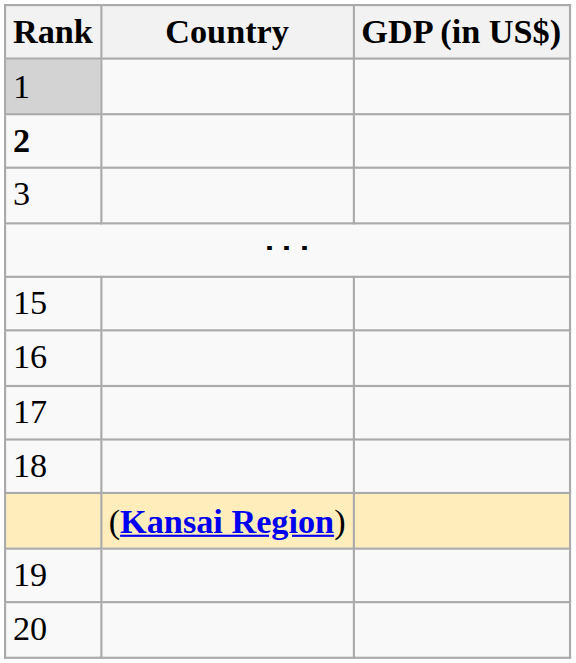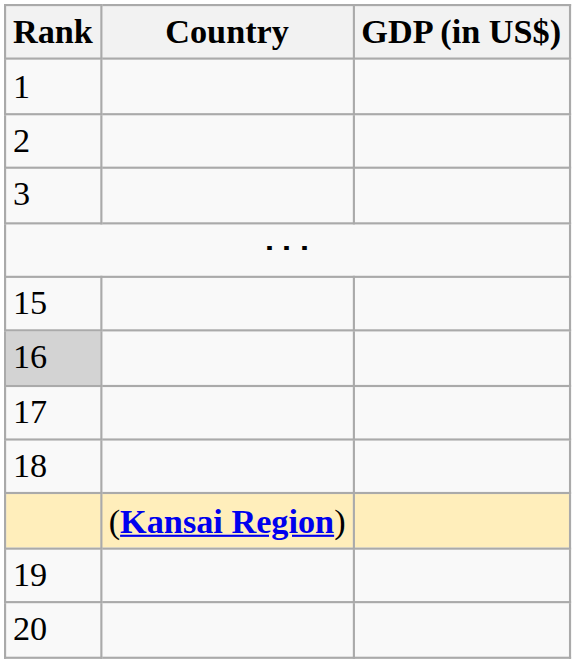 <table class="wikitable" border="1" 2>
 <tr>
 <th>Rank</th>
 <th>Country</th>
 <th>GDP (in US$)</th>
 </tr>
 <tr>
-<td style="background: lightgrey;">1</td>
+<td>1</td>
 <td></td>
 <td></td>
 </tr>
 <tr>
-<td><strong>2</strong></td>
+<td>2</td>
 <td></td>
 <td></td>
 </tr>
 <tr>
 <td>3</td>
 <td></td>
 <td></td>
 </tr>
 <tr>
 <td colspan="4" style="text-align:center;">･･･</td>
 </tr>
 <tr>
 <td>15</td>
 <td></td>
 <td></td>
 </tr>
 <tr>
-<td>16</td>
+<td style="background: lightgrey;">16</td>
 <td></td>
 <td></td>
 </tr>
 <tr>
 <td>17</td>
 <td></td>
 <td></td>
 </tr>
 <tr>
 <td>18</td>
 <td></td>
 <td></td>
 </tr>
 <tr bgcolor="#ffeebb">
 <td></td>
 <td>(<strong><a href='#'>Kansai Region</a></strong>)</td>
 <td></td>
 </tr>
 <tr>
 <td>19</td>
 <td></td>
 <td></td>
 </tr>
 <tr>
 <td>20</td>
 <td></td>
 <td></td>
 </tr>
 </table>
